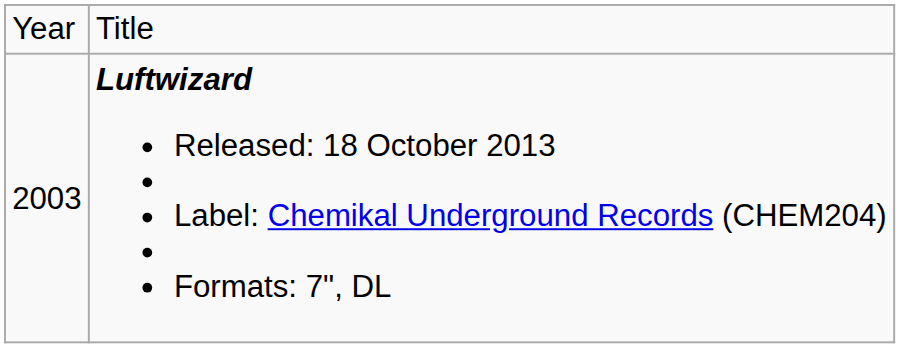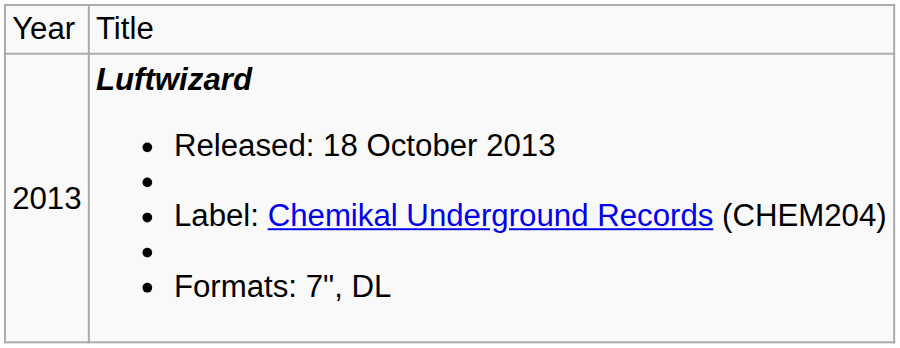 <table class="wikitable">
 <tr>
 <td>Year</td>
 <td>Title</td>
 </tr>
 <tr>
-<td>2003</td>
+<td>2013</td>
 <td><strong><em>Luftwizard</em></strong><br><ul><li>Released: 18 October 2013</li><li></li><li>Label: <a href='#'>Chemikal Underground Records</a> (CHEM204)</li><li></li><li>Formats: 7", DL</li></ul></td>
 </tr>
 </table>
